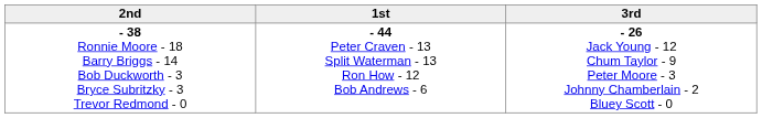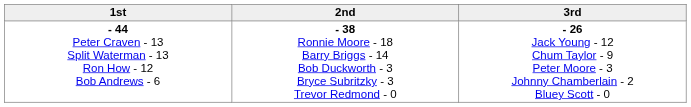 <table border=1 cellpadding=2 cellspacing=0 width=75% style="border-collapse:collapse">
 <tr align=center style="background:#efefef;">
+<th width=20% >1st</th>
 <th width=20% >2nd</th>
-<th width=20% >1st</th>
 <th width=20% >3rd</th>
 </tr>
 <tr align=center>
+<td valign=top ><strong> - 44</strong><br><a href='#'>Peter Craven</a> - 13<br><a href='#'>Split Waterman</a> - 13<br><a href='#'>Ron How</a> - 12<br><a href='#'>Bob Andrews</a> - 6</td>
 <td valign=top ><strong> - 38</strong><br><a href='#'>Ronnie Moore</a> - 18<br><a href='#'>Barry Briggs</a> - 14<br><a href='#'>Bob Duckworth</a> - 3<br><a href='#'>Bryce Subritzky</a> - 3<br><a href='#'>Trevor Redmond</a> - 0</td>
-<td valign=top ><strong> - 44</strong><br><a href='#'>Peter Craven</a> - 13<br><a href='#'>Split Waterman</a> - 13<br><a href='#'>Ron How</a> - 12<br><a href='#'>Bob Andrews</a> - 6</td>
 <td valign=top ><strong> - 26</strong><br><a href='#'>Jack Young</a> - 12<br><a href='#'>Chum Taylor</a> - 9<br><a href='#'>Peter Moore</a> - 3<br><a href='#'>Johnny Chamberlain</a> - 2<br><a href='#'>Bluey Scott</a> - 0</td>
 </tr>
 </table>
